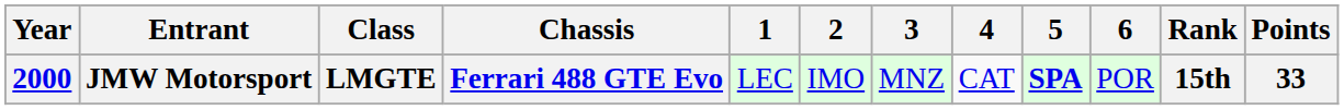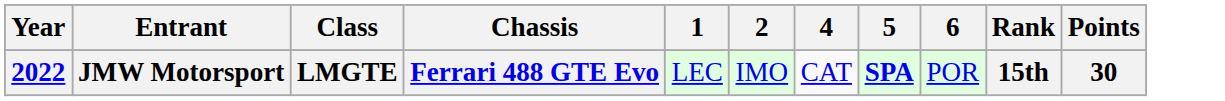 <table class="wikitable" style="text-align:center; font-size:90%">
 <tr>
 <th>Year</th>
 <th>Entrant</th>
 <th>Class</th>
 <th>Chassis</th>
 <th>1</th>
 <th>2</th>
-<th>3</th>
 <th>4</th>
 <th>5</th>
 <th>6</th>
 <th>Rank</th>
 <th>Points</th>
 </tr>
 <tr>
-<th><a href='#'>2000</a></th>
+<th><a href='#'>2022</a></th>
 <th>JMW Motorsport</th>
 <th>LMGTE</th>
 <th><a href='#'>Ferrari 488 GTE Evo</a></th>
 <td style="background: #dfffdf"><a href='#'>LEC</a><br></td>
 <td style="background: #dfffdf"><a href='#'>IMO</a><br></td>
-<td style="background: #dfffdf"><a href='#'>MNZ</a><br></td>
 <td><a href='#'>CAT</a></td>
 <td style="background: #dfffdf"><strong><a href='#'>SPA</a><br></strong></td>
 <td style="background: #dfffdf"><a href='#'>POR</a><br></td>
 <th>15th</th>
-<th>33</th>
+<th>30</th>
 </tr>
 </table>
